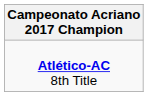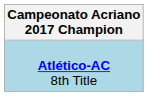 <table class="wikitable" style="text-align: center; margin: 0 auto;">
 <tr>
 <th>Campeonato Acriano<br>2017 Champion</th>
 </tr>
 <tr>
-<td><br><strong><a href='#'>Atlético-AC</a></strong><br>8th Title</td>
+<td style="background: lightblue;"><br><strong><a href='#'>Atlético-AC</a></strong><br>8th Title</td>
 </tr>
 </table>
